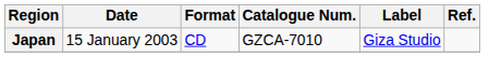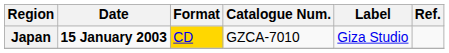 <table class="wikitable sortable plainrowheaders">
 <tr>
 <th scope="col">Region</th>
 <th scope="col">Date</th>
 <th scope="col">Format</th>
 <th scope="col">Catalogue Num.</th>
 <th scope="col">Label</th>
 <th scope="col">Ref.</th>
 </tr>
 <tr>
 <th scope="row">Japan</th>
-<td>15 January 2003</td>
-<td><a href='#'>CD</a></td>
+<td><strong>15 January 2003</strong></td>
+<td style="background: gold;"><a href='#'>CD</a></td>
 <td>GZCA-7010</td>
 <td><a href='#'>Giza Studio</a></td>
 <td></td>
 </tr>
 <tr>
 </tr>
 </table>
